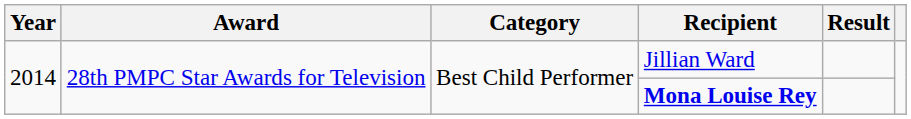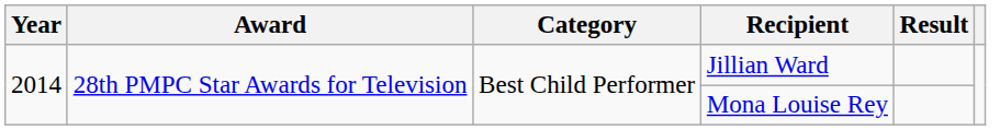 <table class="wikitable">
 <tr>
 <th>Year</th>
 <th>Award</th>
 <th>Category</th>
 <th>Recipient</th>
 <th>Result</th>
 <th></th>
 </tr>
 <tr>
 <td rowspan=2>2014</td>
 <td rowspan=2><a href='#'>28th PMPC Star Awards for Television</a></td>
 <td rowspan=2>Best Child Performer</td>
 <td><a href='#'>Jillian Ward</a></td>
 <td></td>
 <td rowspan=2></td>
 </tr>
 <tr>
-<td><strong><a href='#'>Mona Louise Rey</a></strong></td>
+<td><a href='#'>Mona Louise Rey</a></td>
 <td></td>
 </tr>
 </table>
